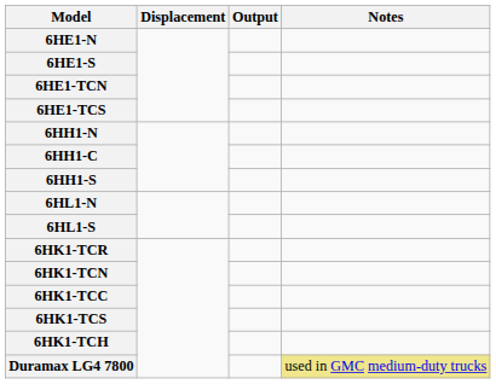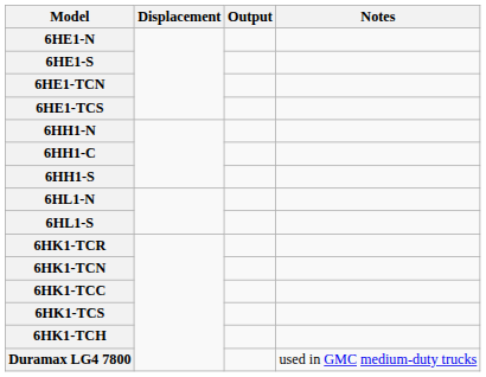 <table class="wikitable sortable" style="font-size:100%;text-align:center;">
 <tr>
 <th>Model</th>
 <th>Displacement</th>
 <th>Output</th>
 <th class="unsortable">Notes</th>
 </tr>
 <tr>
 <th>6HE1-N</th>
 <td rowspan=4></td>
 <td></td>
 <td style="text-align:left;"></td>
 </tr>
 <tr>
 <th>6HE1-S</th>
 <td></td>
 <td style="text-align:left;"></td>
 </tr>
 <tr>
 <th>6HE1-TCN</th>
 <td></td>
 <td style="text-align:left;"></td>
 </tr>
 <tr>
 <th>6HE1-TCS</th>
 <td></td>
 <td style="text-align:left;"></td>
 </tr>
 <tr>
 <th>6HH1-N</th>
 <td rowspan=3></td>
 <td></td>
 <td style="text-align:left;"></td>
 </tr>
 <tr>
 <th>6HH1-C</th>
 <td></td>
 <td style="text-align:left;"></td>
 </tr>
 <tr>
 <th>6HH1-S</th>
 <td></td>
 <td style="text-align:left;"></td>
 </tr>
 <tr>
 <th>6HL1-N</th>
 <td rowspan=2></td>
 <td></td>
 <td style="text-align:left;"></td>
 </tr>
 <tr>
 <th>6HL1-S</th>
 <td></td>
 <td style="text-align:left;"></td>
 </tr>
 <tr>
 <th>6HK1-TCR</th>
 <td rowspan=6></td>
 <td></td>
 <td style="text-align:left;"></td>
 </tr>
 <tr>
 <th>6HK1-TCN</th>
 <td></td>
 <td style="text-align:left;"></td>
 </tr>
 <tr>
 <th>6HK1-TCC</th>
 <td></td>
 <td style="text-align:left;"></td>
 </tr>
 <tr>
 <th>6HK1-TCS</th>
 <td></td>
 <td style="text-align:left;"></td>
 </tr>
 <tr>
 <th>6HK1-TCH</th>
 <td></td>
 <td style="text-align:left;"></td>
 </tr>
 <tr>
 <th>Duramax LG4 7800</th>
 <td></td>
-<td style="background: khaki; text-align:left;">used in <a href='#'>GMC</a> <a href='#'>medium-duty trucks</a></td>
+<td style="text-align:left;">used in <a href='#'>GMC</a> <a href='#'>medium-duty trucks</a></td>
 </tr>
 </table>
